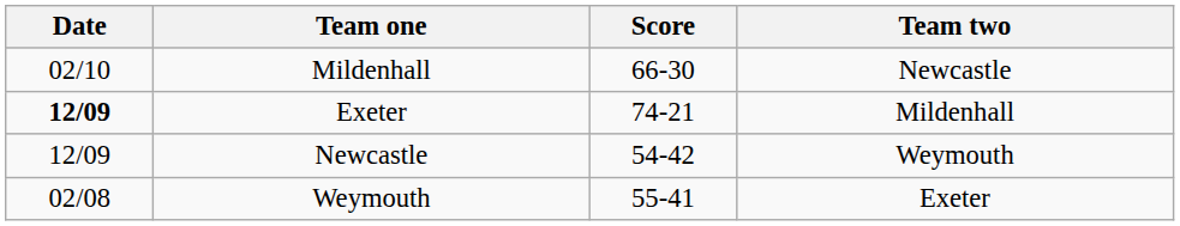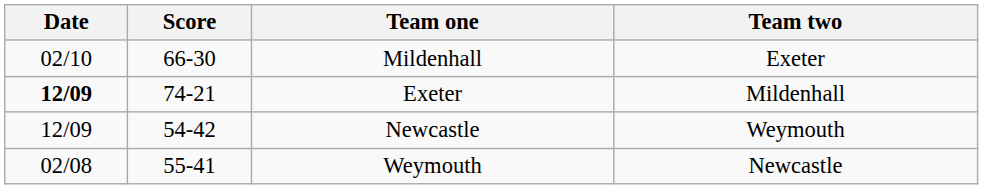 <table class="wikitable" style="text-align: center">
 <tr>
 <th width=80>Date</th>
+<th width=80>Score</th>
 <th width=250>Team one</th>
-<th width=80>Score</th>
 <th width=250>Team two</th>
 </tr>
 <tr>
 <td>02/10</td>
+<td>66-30</td>
 <td>Mildenhall</td>
-<td>66-30</td>
-<td>Newcastle</td>
+<td>Exeter</td>
 </tr>
 <tr>
 <td><strong>12/09</strong></td>
+<td>74-21</td>
 <td>Exeter</td>
-<td>74-21</td>
 <td>Mildenhall</td>
 </tr>
 <tr>
 <td>12/09</td>
+<td>54-42</td>
 <td>Newcastle</td>
-<td>54-42</td>
 <td>Weymouth</td>
 </tr>
 <tr>
 <td>02/08</td>
+<td>55-41</td>
 <td>Weymouth</td>
-<td>55-41</td>
-<td>Exeter</td>
+<td>Newcastle</td>
 </tr>
 </table>
